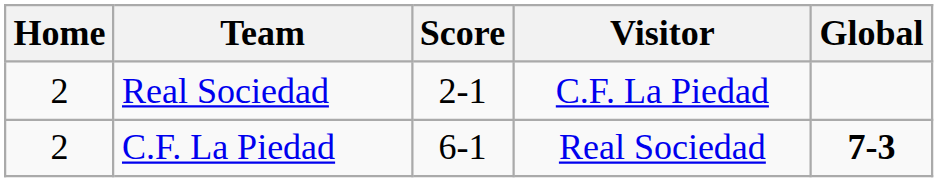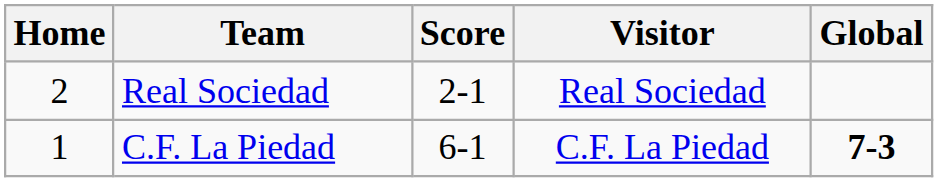 <table class="wikitable" style="text-align: center;">
 <tr>
 <th width=33>Home</th>
 <th width=125>Team</th>
 <th width=33>Score</th>
 <th width=125>Visitor</th>
 <th width=33>Global</th>
 </tr>
 <tr>
 <td>2</td>
 <td align=left><a href='#'>Real Sociedad</a></td>
 <td>2-1</td>
-<td><a href='#'>C.F. La Piedad</a></td>
+<td><a href='#'>Real Sociedad</a></td>
 <td></td>
 </tr>
 <tr>
-<td>2</td>
+<td>1</td>
 <td align=left><a href='#'>C.F. La Piedad</a></td>
 <td>6-1</td>
-<td><a href='#'>Real Sociedad</a></td>
+<td><a href='#'>C.F. La Piedad</a></td>
 <td><strong>7-3</strong></td>
 </tr>
 </table>
